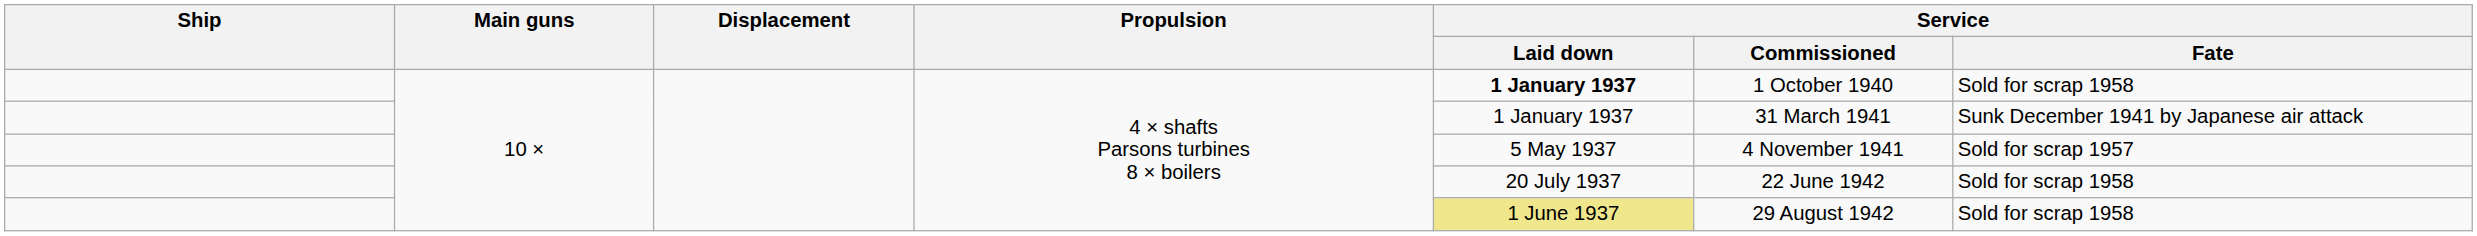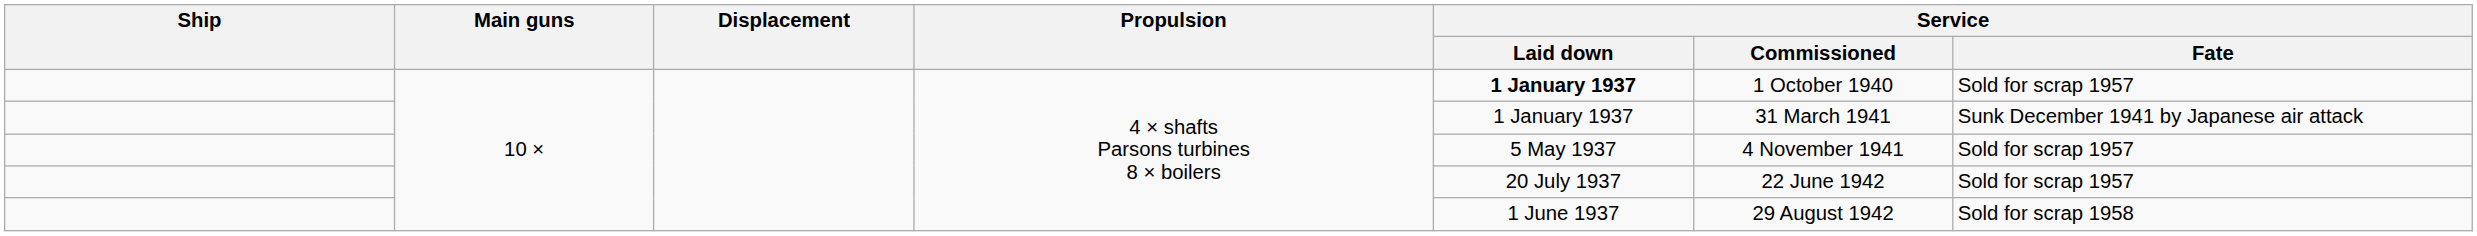 <table class="wikitable" style="width:98%;">
 <tr valign="top"|- valign="top">
 <th style="width:15%; text-align:center;" rowspan="2">Ship</th>
 <th style="width:10%; text-align:center;" rowspan="2">Main guns</th>
 <th style="width:10%; text-align:center;" rowspan="2">Displacement</th>
 <th style="width:20%; text-align:center;" rowspan="2">Propulsion</th>
 <th style="width:40%; text-align:center;" colspan="3">Service</th>
 </tr>
 <tr valign="top">
 <th style="width:10%; text-align:center;">Laid down</th>
 <th style="width:10%; text-align:center;">Commissioned</th>
 <th style="width:20%; text-align:center;">Fate</th>
 </tr>
 <tr valign="center">
 <td align= center></td>
 <td style="text-align:center;" rowspan=5>10 × </td>
 <td style="text-align:center;" rowspan=5></td>
 <td align= center rowspan=5>4 × shafts<br>Parsons turbines<br>8 × boilers</td>
 <td style="text-align:center;"><strong>1 January 1937</strong></td>
 <td style="text-align:center;">1 October 1940</td>
-<td align= left>Sold for scrap 1958</td>
+<td align= left>Sold for scrap 1957</td>
 </tr>
 <tr valign="center">
 <td align= center></td>
 <td style="text-align:center;">1 January 1937</td>
 <td style="text-align:center;">31 March 1941</td>
 <td align= left>Sunk December 1941 by Japanese air attack</td>
 </tr>
 <tr valign="center">
 <td align= center></td>
 <td style="text-align:center;">5 May 1937</td>
 <td style="text-align:center;">4 November 1941</td>
 <td align= left>Sold for scrap 1957</td>
 </tr>
 <tr valign="center">
 <td align= center></td>
 <td style="text-align:center;">20 July 1937</td>
 <td style="text-align:center;">22 June 1942</td>
-<td align= left>Sold for scrap 1958</td>
+<td align= left>Sold for scrap 1957</td>
 </tr>
 <tr valign="center">
 <td align= center></td>
-<td style="background: khaki; text-align:center;">1 June 1937</td>
+<td style="text-align:center;">1 June 1937</td>
 <td style="text-align:center;">29 August 1942</td>
 <td align= left>Sold for scrap 1958</td>
 </tr>
 </table>
